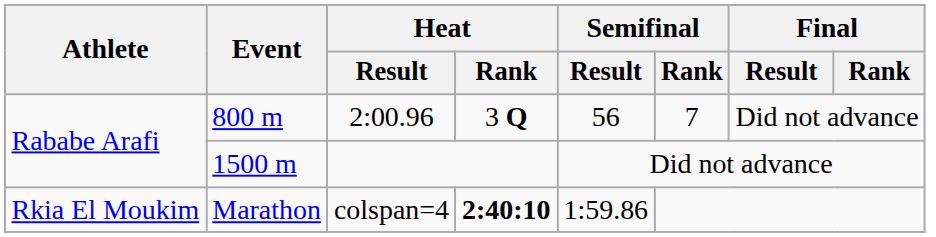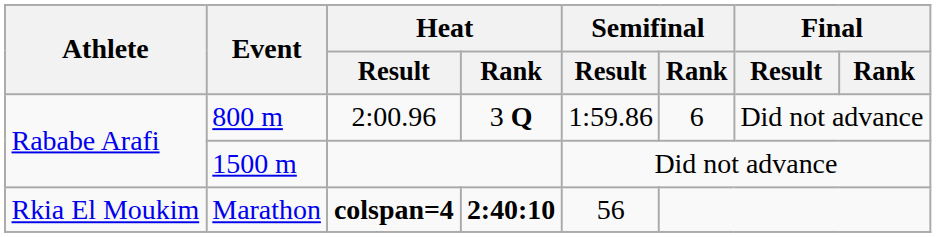 <table class="wikitable" style="font-size:90%">
 <tr>
 <th rowspan="2">Athlete</th>
 <th rowspan="2">Event</th>
 <th colspan="2">Heat</th>
 <th colspan="2">Semifinal</th>
 <th colspan="2">Final</th>
 </tr>
 <tr style="font-size:95%">
 <th>Result</th>
 <th>Rank</th>
 <th>Result</th>
 <th>Rank</th>
 <th>Result</th>
 <th>Rank</th>
 </tr>
 <tr align=center>
 <td align=left rowspan=2><a href='#'>Rababe Arafi</a></td>
 <td align=left><a href='#'>800 m</a></td>
 <td>2:00.96</td>
 <td>3 <strong>Q</strong></td>
-<td>56</td>
-<td>7</td>
+<td>1:59.86</td>
+<td>6</td>
 <td colspan="2">Did not advance</td>
 </tr>
 <tr align=center>
 <td align=left><a href='#'>1500 m</a></td>
 <td colspan=2></td>
 <td colspan="4">Did not advance</td>
 </tr>
 <tr align=center>
 <td align=left><a href='#'>Rkia El Moukim</a></td>
 <td align="left"><a href='#'>Marathon</a></td>
-<td>colspan=4 </td>
+<td><strong>colspan=4 </strong></td>
 <td><strong>2:40:10</strong></td>
-<td>1:59.86</td>
+<td>56</td>
 </tr>
 </table>
